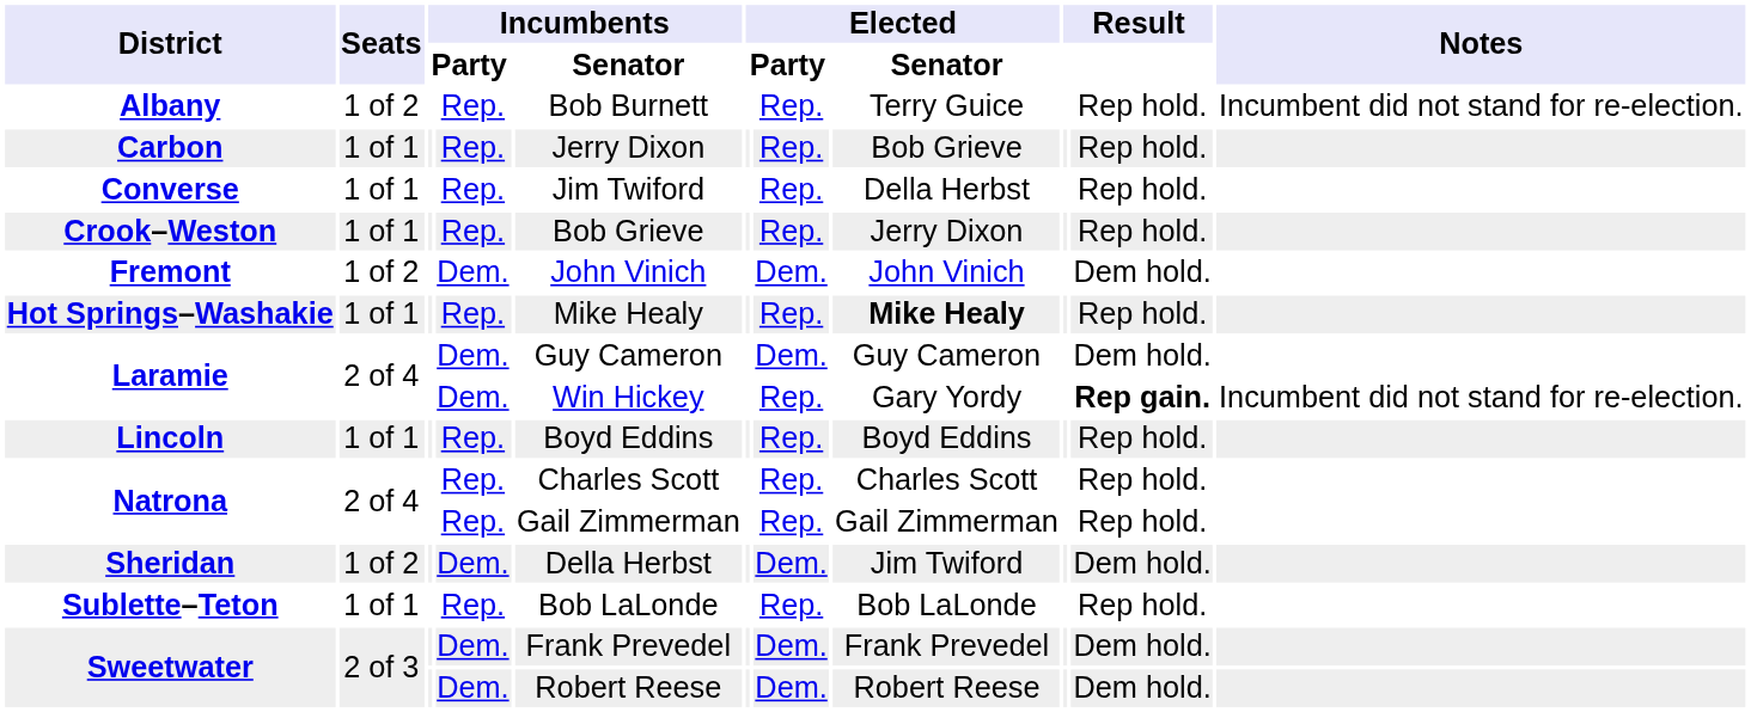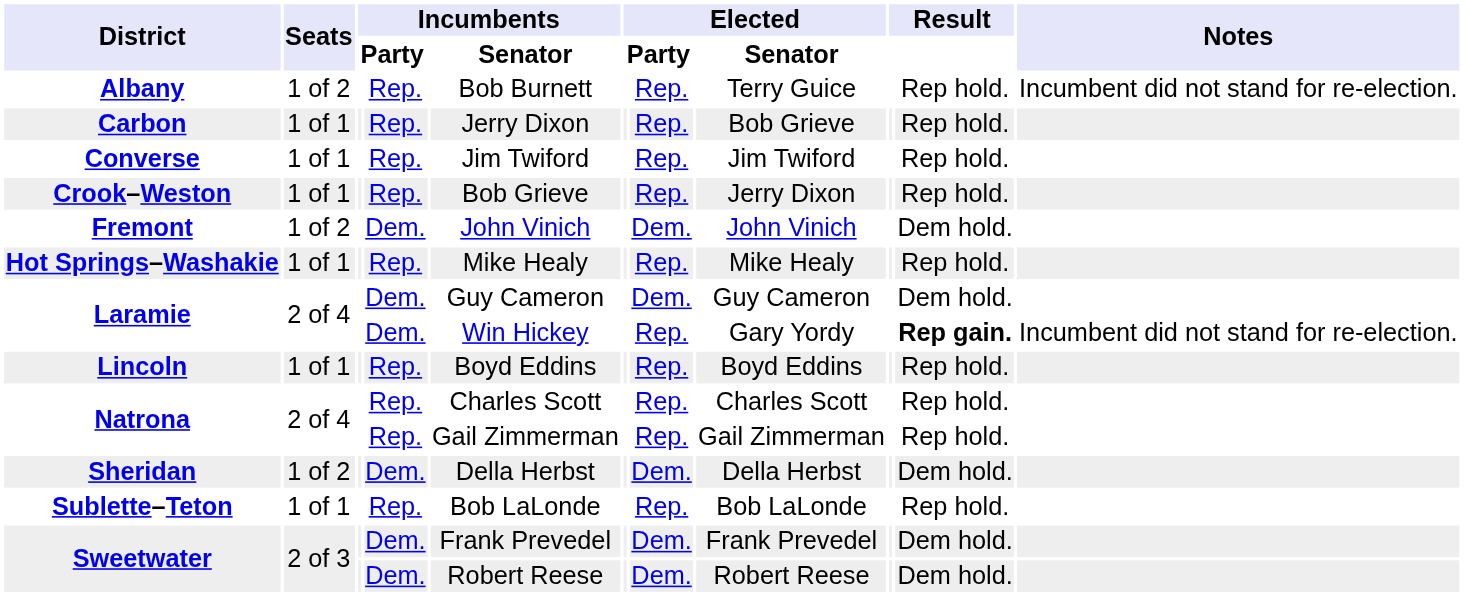 <table class="toccolours sortable" style="text-align:center;">
 <tr style="background:lavender">
 <th rowspan="2">District</th>
 <th rowspan="2">Seats</th>
 <th colspan=3>Incumbents</th>
 <th colspan=3>Elected</th>
 <th colspan=2>Result</th>
 <th rowspan="2">Notes</th>
 </tr>
 <tr>
 <th colspan=2 align="center">Party</th>
 <th align="center">Senator</th>
 <th colspan=2 align="center">Party</th>
 <th align="center">Senator</th>
 <th colspan=2></th>
 </tr>
 <tr>
 <th><a href='#'>Albany</a></th>
 <td>1 of 2</td>
 <td style="background-color:"></td>
 <td><a href='#'>Rep.</a></td>
 <td>Bob Burnett</td>
 <td style="background-color:"></td>
 <td><a href='#'>Rep.</a></td>
 <td>Terry Guice</td>
 <td style="background-color:"></td>
 <td>Rep hold.</td>
 <td>Incumbent did not stand for re-election.</td>
 </tr>
 <tr style="background:#EEEEEE;">
 <th><a href='#'>Carbon</a></th>
 <td>1 of 1</td>
 <td style="background-color:"></td>
 <td><a href='#'>Rep.</a></td>
 <td>Jerry Dixon</td>
 <td style="background-color:"></td>
 <td><a href='#'>Rep.</a></td>
 <td>Bob Grieve</td>
 <td style="background-color:"></td>
 <td>Rep hold.</td>
 <td></td>
 </tr>
 <tr>
 <th><a href='#'>Converse</a></th>
 <td>1 of 1</td>
 <td style="background-color:"></td>
 <td><a href='#'>Rep.</a></td>
 <td>Jim Twiford</td>
 <td style="background-color:"></td>
 <td><a href='#'>Rep.</a></td>
-<td>Della Herbst</td>
+<td>Jim Twiford</td>
 <td style="background-color:"></td>
 <td>Rep hold.</td>
 <td></td>
 </tr>
 <tr style="background:#EEEEEE;">
 <th><a href='#'>Crook</a>–<a href='#'>Weston</a></th>
 <td>1 of 1</td>
 <td style="background-color:"></td>
 <td><a href='#'>Rep.</a></td>
 <td>Bob Grieve</td>
 <td style="background-color:"></td>
 <td><a href='#'>Rep.</a></td>
 <td>Jerry Dixon</td>
 <td style="background-color:"></td>
 <td>Rep hold.</td>
 <td></td>
 </tr>
 <tr>
 <th><a href='#'>Fremont</a></th>
 <td>1 of 2</td>
 <td style="background-color:"></td>
 <td><a href='#'>Dem.</a></td>
 <td><a href='#'>John Vinich</a></td>
 <td style="background-color:"></td>
 <td><a href='#'>Dem.</a></td>
 <td><a href='#'>John Vinich</a></td>
 <td style="background-color:"></td>
 <td>Dem hold.</td>
 <td></td>
 </tr>
 <tr style="background:#EEEEEE;">
 <th><a href='#'>Hot Springs</a>–<a href='#'>Washakie</a></th>
 <td>1 of 1</td>
 <td style="background-color:"></td>
 <td><a href='#'>Rep.</a></td>
 <td>Mike Healy</td>
 <td style="background-color:"></td>
 <td><a href='#'>Rep.</a></td>
-<td><strong>Mike Healy</strong></td>
+<td>Mike Healy</td>
 <td style="background-color:"></td>
 <td>Rep hold.</td>
 <td></td>
 </tr>
 <tr>
 <th rowspan=2><a href='#'>Laramie</a></th>
 <td rowspan=2>2 of 4</td>
 <td style="background-color:"></td>
 <td><a href='#'>Dem.</a></td>
 <td>Guy Cameron</td>
 <td style="background-color:"></td>
 <td><a href='#'>Dem.</a></td>
 <td>Guy Cameron</td>
 <td style="background-color:"></td>
 <td>Dem hold.</td>
 <td></td>
 </tr>
 <tr>
 <td style="background-color:"></td>
 <td><a href='#'>Dem.</a></td>
 <td><a href='#'>Win Hickey</a></td>
 <td style="background-color:"></td>
 <td><a href='#'>Rep.</a></td>
 <td>Gary Yordy</td>
 <td style="background-color:"></td>
 <td><strong>Rep gain.</strong></td>
 <td>Incumbent did not stand for re-election.</td>
 </tr>
 <tr style="background:#EEEEEE;">
 <th><a href='#'>Lincoln</a></th>
 <td>1 of 1</td>
 <td style="background-color:"></td>
 <td><a href='#'>Rep.</a></td>
 <td>Boyd Eddins</td>
 <td style="background-color:"></td>
 <td><a href='#'>Rep.</a></td>
 <td>Boyd Eddins</td>
 <td style="background-color:"></td>
 <td>Rep hold.</td>
 <td></td>
 </tr>
 <tr>
 <th rowspan=2><a href='#'>Natrona</a></th>
 <td rowspan=2>2 of 4</td>
 <td style="background-color:"></td>
 <td><a href='#'>Rep.</a></td>
 <td>Charles Scott</td>
 <td style="background-color:"></td>
 <td><a href='#'>Rep.</a></td>
 <td>Charles Scott</td>
 <td style="background-color:"></td>
 <td>Rep hold.</td>
 <td></td>
 </tr>
 <tr>
 <td style="background-color:"></td>
 <td><a href='#'>Rep.</a></td>
 <td>Gail Zimmerman</td>
 <td style="background-color:"></td>
 <td><a href='#'>Rep.</a></td>
 <td>Gail Zimmerman</td>
 <td style="background-color:"></td>
 <td>Rep hold.</td>
 <td></td>
 </tr>
 <tr style="background:#EEEEEE;">
 <th><a href='#'>Sheridan</a></th>
 <td>1 of 2</td>
 <td style="background-color:"></td>
 <td><a href='#'>Dem.</a></td>
 <td>Della Herbst</td>
 <td style="background-color:"></td>
 <td><a href='#'>Dem.</a></td>
-<td>Jim Twiford</td>
+<td>Della Herbst</td>
 <td style="background-color:"></td>
 <td>Dem hold.</td>
 <td></td>
 </tr>
 <tr>
 <th><a href='#'>Sublette</a>–<a href='#'>Teton</a></th>
 <td>1 of 1</td>
 <td style="background-color:"></td>
 <td><a href='#'>Rep.</a></td>
 <td>Bob LaLonde</td>
 <td style="background-color:"></td>
 <td><a href='#'>Rep.</a></td>
 <td>Bob LaLonde</td>
 <td style="background-color:"></td>
 <td>Rep hold.</td>
 <td></td>
 </tr>
 <tr style="background:#EEEEEE;">
 <th rowspan=2><a href='#'>Sweetwater</a></th>
 <td rowspan=2>2 of 3</td>
 <td style="background-color:"></td>
 <td><a href='#'>Dem.</a></td>
 <td>Frank Prevedel</td>
 <td style="background-color:"></td>
 <td><a href='#'>Dem.</a></td>
 <td>Frank Prevedel</td>
 <td style="background-color:"></td>
 <td>Dem hold.</td>
 <td></td>
 </tr>
 <tr style="background:#EEEEEE;">
 <td style="background-color:"></td>
 <td><a href='#'>Dem.</a></td>
 <td>Robert Reese</td>
 <td style="background-color:"></td>
 <td><a href='#'>Dem.</a></td>
 <td>Robert Reese</td>
 <td style="background-color:"></td>
 <td>Dem hold.</td>
 <td></td>
 </tr>
 </table>
